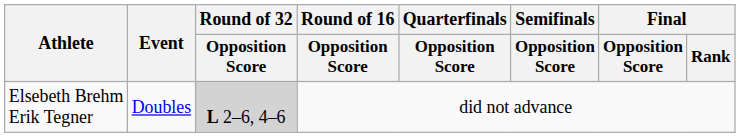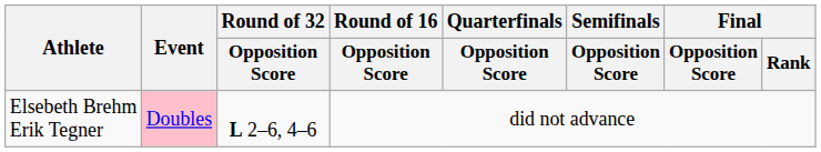 <table class=wikitable style="font-size:90%">
 <tr>
 <th rowspan=2>Athlete</th>
 <th rowspan=2>Event</th>
 <th>Round of 32</th>
 <th>Round of 16</th>
 <th>Quarterfinals</th>
 <th>Semifinals</th>
 <th colspan=2>Final</th>
 </tr>
 <tr style="font-size:95%">
 <th>Opposition<br>Score</th>
 <th>Opposition<br>Score</th>
 <th>Opposition<br>Score</th>
 <th>Opposition<br>Score</th>
 <th>Opposition<br>Score</th>
 <th>Rank</th>
 </tr>
 <tr align=center>
 <td align=left>Elsebeth Brehm <br> Erik Tegner</td>
-<td align=left><a href='#'>Doubles</a></td>
-<td style="background: lightgrey;"> <br> <strong>L</strong> 2–6, 4–6</td>
+<td align=left style="background: pink;"><a href='#'>Doubles</a></td>
+<td> <br> <strong>L</strong> 2–6, 4–6</td>
 <td colspan=5>did not advance</td>
 </tr>
 </table>
